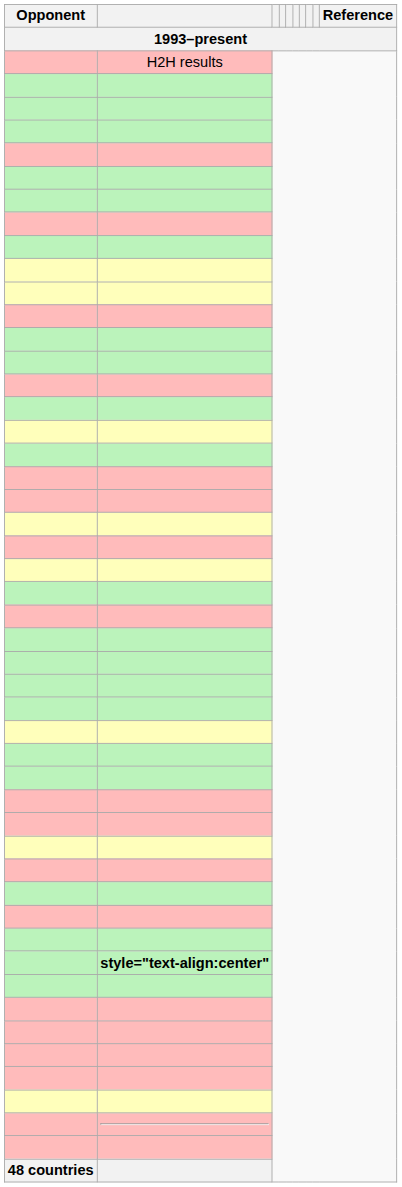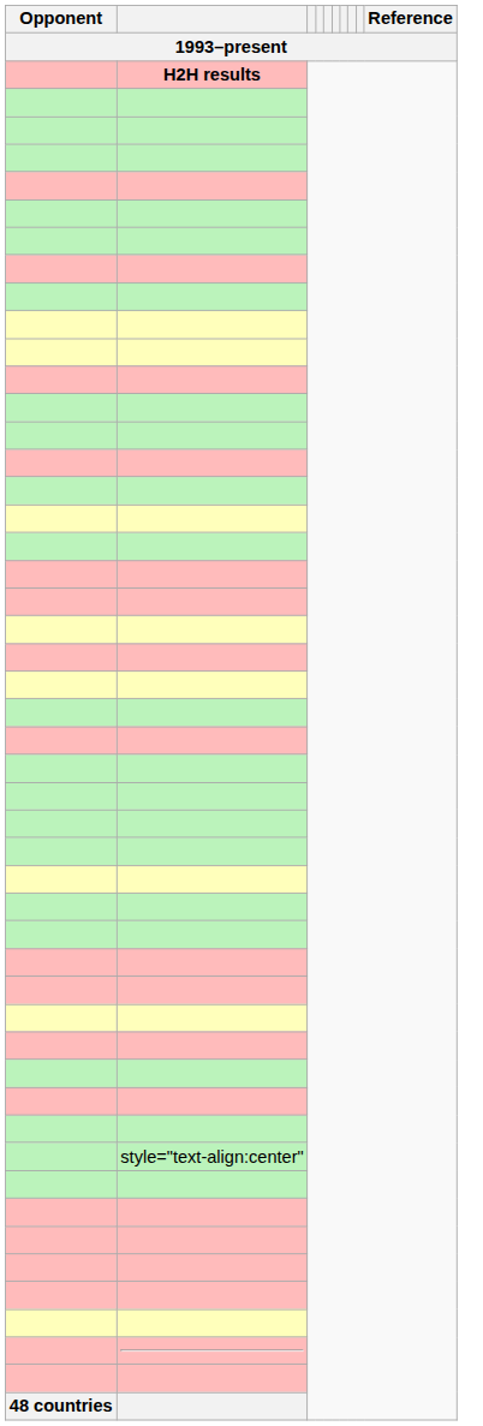 <table class="sortable wikitable plainrowheaders" style="text-align:center">
 <tr>
 <th>Opponent</th>
 <th></th>
 <th></th>
 <th></th>
 <th></th>
 <th></th>
 <th></th>
 <th></th>
 <th></th>
 <th>Reference</th>
 </tr>
 <tr>
 <th colspan="10">1993–present</th>
 </tr>
 <tr bgcolor="#FFBBBB">
 <td style="text-align:left"><br></td>
-<td>H2H results</td>
+<td><strong>H2H results</strong></td>
 </tr>
 <tr bgcolor="#BBF3BB">
 <td style="text-align:left"><br></td>
 <td></td>
 </tr>
 <tr bgcolor="#BBF3BB">
 <td style="text-align:left"><br></td>
 <td></td>
 </tr>
 <tr bgcolor="#BBF3BB">
 <td style="text-align:left"><br></td>
 <td></td>
 </tr>
 <tr bgcolor="#FFBBBB">
 <td style="text-align:left"><br></td>
 <td></td>
 </tr>
 <tr bgcolor="#BBF3BB">
 <td style="text-align:left"><br></td>
 <td></td>
 </tr>
 <tr bgcolor="#BBF3BB">
 <td style="text-align:left"><br></td>
 <td></td>
 </tr>
 <tr bgcolor="#FFBBBB">
 <td style="text-align:left"><br></td>
 <td></td>
 </tr>
 <tr bgcolor="#BBF3BB">
 <td style="text-align:left"><br></td>
 <td></td>
 </tr>
 <tr bgcolor="#FFFFBB">
 <td style="text-align:left"><br></td>
 <td></td>
 </tr>
 <tr bgcolor="#FFFFBB">
 <td style="text-align:left"><br></td>
 <td></td>
 </tr>
 <tr bgcolor="#FFBBBB">
 <td style="text-align:left"><br></td>
 <td></td>
 </tr>
 <tr bgcolor="#BBF3BB">
 <td style="text-align:left"><br></td>
 <td></td>
 </tr>
 <tr bgcolor="#BBF3BB">
 <td style="text-align:left"><br></td>
 <td></td>
 </tr>
 <tr bgcolor="#FFBBBB">
 <td style="text-align:left"><br></td>
 <td></td>
 </tr>
 <tr bgcolor="#BBF3BB">
 <td style="text-align:left"><br></td>
 <td></td>
 </tr>
 <tr bgcolor="#FFFFBB">
 <td style="text-align:left"><br></td>
 <td></td>
 </tr>
 <tr bgcolor="#BBF3BB">
 <td style="text-align:left"><br></td>
 <td></td>
 </tr>
 <tr bgcolor="#FFBBBB">
 <td style="text-align:left"><br></td>
 <td></td>
 </tr>
 <tr bgcolor="#FFBBBB">
 <td style="text-align:left"><br></td>
 <td></td>
 </tr>
 <tr bgcolor="#FFFFBB">
 <td style="text-align:left"><br></td>
 <td></td>
 </tr>
 <tr bgcolor="#FFBBBB">
 <td style="text-align:left"><br></td>
 <td></td>
 </tr>
 <tr bgcolor="#FFFFBB">
 <td style="text-align:left"><br></td>
 <td></td>
 </tr>
 <tr bgcolor="#BBF3BB">
 <td style="text-align:left"><br></td>
 <td></td>
 </tr>
 <tr bgcolor="#FFBBBB">
 <td style="text-align:left"><br></td>
 <td></td>
 </tr>
 <tr bgcolor="#BBF3BB">
 <td style="text-align:left"><br></td>
 <td></td>
 </tr>
 <tr bgcolor="#BBF3BB">
 <td style="text-align:left"><br></td>
 <td></td>
 </tr>
 <tr bgcolor="#BBF3BB">
 <td style="text-align:left"><br></td>
 <td></td>
 </tr>
 <tr bgcolor="#BBF3BB">
 <td style="text-align:left"><br></td>
 <td></td>
 </tr>
 <tr bgcolor="#FFFFBB">
 <td style="text-align:left"><br></td>
 <td></td>
 </tr>
 <tr bgcolor="#BBF3BB">
 <td style="text-align:left"><br></td>
 <td></td>
 </tr>
 <tr bgcolor="#BBF3BB">
 <td style="text-align:left"><br></td>
 <td></td>
 </tr>
 <tr bgcolor="#FFBBBB">
 <td style="text-align:left"><br></td>
 <td></td>
 </tr>
 <tr bgcolor="#FFBBBB">
 <td style="text-align:left"><br></td>
 <td></td>
 </tr>
 <tr bgcolor="#FFFFBB">
 <td style="text-align:left"><br></td>
 <td></td>
 </tr>
 <tr bgcolor="#FFBBBB">
 <td style="text-align:left"><br></td>
 <td></td>
 </tr>
 <tr bgcolor="#BBF3BB">
 <td style="text-align:left"><br></td>
 <td></td>
 </tr>
 <tr bgcolor="#FFBBBB">
 <td style="text-align:left"><br></td>
 <td></td>
 </tr>
 <tr bgcolor="#BBF3BB">
 <td style="text-align:left"><br></td>
 <td></td>
 </tr>
 <tr bgcolor="#BBF3BB">
 <td style="text-align:left"><br></td>
-<td><strong>style="text-align:center" </strong></td>
+<td>style="text-align:center" </td>
 </tr>
 <tr bgcolor="#BBF3BB">
 <td style="text-align:left"><br></td>
 <td></td>
 </tr>
 <tr bgcolor="#FFBBBB">
 <td style="text-align:left"><br></td>
 <td></td>
 </tr>
 <tr bgcolor="#FFBBBB">
 <td style="text-align:left"><br></td>
 <td></td>
 </tr>
 <tr bgcolor="#FFBBBB">
 <td style="text-align:left"><br></td>
 <td></td>
 </tr>
 <tr bgcolor="#FFBBBB">
 <td style="text-align:left"><br></td>
 <td></td>
 </tr>
 <tr bgcolor="#FFFFBB">
 <td style="text-align:left"><br></td>
 <td></td>
 </tr>
 <tr bgcolor="#FFBBBB">
 <td style="text-align:left"><br></td>
 <td><hr></td>
 </tr>
 <tr bgcolor="#FFBBBB">
 <td style="text-align:left"><br></td>
 <td></td>
 </tr>
 <tr class="sortbottom">
 <th>48 countries<br></th>
 <th></th>
 </tr>
 </table>
